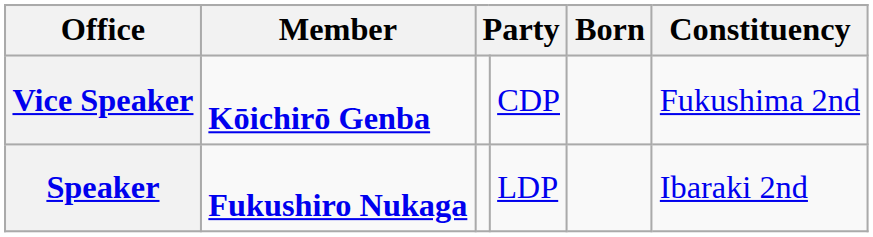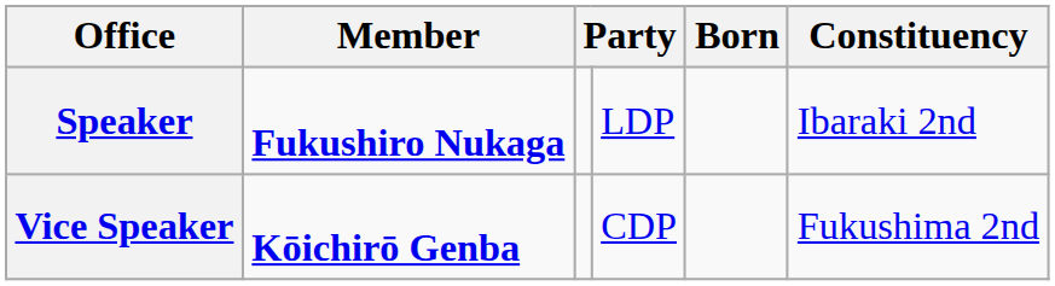 <table class="wikitable">
 <tr>
 <th>Office</th>
 <th>Member</th>
 <th colspan=2>Party</th>
 <th>Born</th>
 <th>Constituency</th>
 </tr>
 <tr>
+<th><a href='#'>Speaker</a></th>
+<td><br><strong><a href='#'>Fukushiro Nukaga</a></strong></td>
+<td style="background-color:"></td>
+<td><a href='#'>LDP</a></td>
+<td></td>
+<td><a href='#'>Ibaraki 2nd</a></td>
+</tr>
+<tr>
 <th><a href='#'>Vice Speaker</a></th>
 <td><br><strong><a href='#'>Kōichirō Genba</a></strong></td>
 <td style="background-color:"></td>
 <td><a href='#'>CDP</a></td>
 <td></td>
 <td><a href='#'>Fukushima 2nd</a></td>
 </tr>
-<tr>
-<th><a href='#'>Speaker</a></th>
-<td><br><strong><a href='#'>Fukushiro Nukaga</a></strong></td>
-<td style="background-color:"></td>
-<td><a href='#'>LDP</a></td>
-<td></td>
-<td><a href='#'>Ibaraki 2nd</a></td>
-</tr>
 </table>
